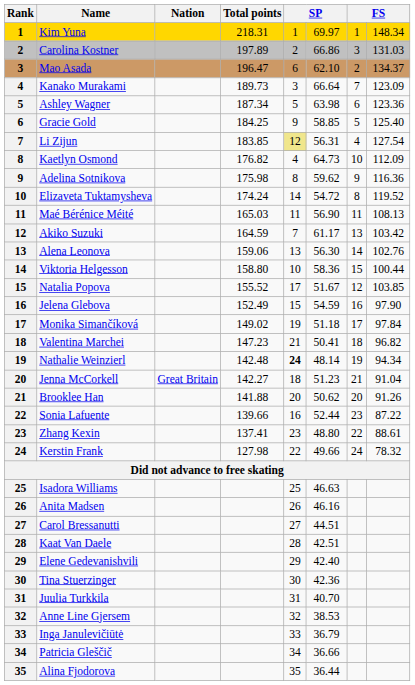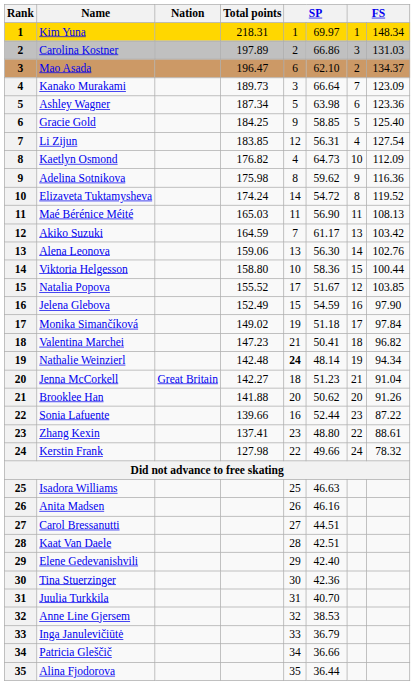 <table class="wikitable sortable">
 <tr>
 <th>Rank</th>
 <th>Name</th>
 <th>Nation</th>
 <th>Total points</th>
 <th colspan="2" width="80px"><a href='#'>SP</a></th>
 <th colspan="2" width="80px" align="center"><a href='#'>FS</a></th>
 </tr>
 <tr bgcolor="gold">
 <td align="center"><strong>1</strong></td>
 <td><a href='#'>Kim Yuna</a></td>
 <td></td>
 <td align="center">218.31</td>
 <td align="center">1</td>
 <td align="center">69.97</td>
 <td align="center">1</td>
 <td align="center">148.34</td>
 </tr>
 <tr bgcolor="silver">
 <td align="center"><strong>2</strong></td>
 <td><a href='#'>Carolina Kostner</a></td>
 <td></td>
 <td align="center">197.89</td>
 <td align="center">2</td>
 <td align="center">66.86</td>
 <td align="center">3</td>
 <td align="center">131.03</td>
 </tr>
 <tr bgcolor="cc9966">
 <td align="center"><strong>3</strong></td>
 <td><a href='#'>Mao Asada</a></td>
 <td></td>
 <td align="center">196.47</td>
 <td align="center">6</td>
 <td align="center">62.10</td>
 <td align="center">2</td>
 <td align="center">134.37</td>
 </tr>
 <tr>
 <th>4</th>
 <td><a href='#'>Kanako Murakami</a></td>
 <td></td>
 <td align="center">189.73</td>
 <td align="center">3</td>
 <td align="center">66.64</td>
 <td align="center">7</td>
 <td align="center">123.09</td>
 </tr>
 <tr>
 <th>5</th>
 <td><a href='#'>Ashley Wagner</a></td>
 <td></td>
 <td align="center">187.34</td>
 <td align="center">5</td>
 <td align="center">63.98</td>
 <td align="center">6</td>
 <td align="center">123.36</td>
 </tr>
 <tr>
 <th>6</th>
 <td><a href='#'>Gracie Gold</a></td>
 <td></td>
 <td align="center">184.25</td>
 <td align="center">9</td>
 <td align="center">58.85</td>
 <td align="center">5</td>
 <td align="center">125.40</td>
 </tr>
 <tr>
 <th>7</th>
 <td><a href='#'>Li Zijun</a></td>
 <td></td>
 <td align="center">183.85</td>
-<td align="center" style="background: khaki;">12</td>
+<td align="center">12</td>
 <td align="center">56.31</td>
 <td align="center">4</td>
 <td align="center">127.54</td>
 </tr>
 <tr>
 <th>8</th>
 <td><a href='#'>Kaetlyn Osmond</a></td>
 <td></td>
 <td align="center">176.82</td>
 <td align="center">4</td>
 <td align="center">64.73</td>
 <td align="center">10</td>
 <td align="center">112.09</td>
 </tr>
 <tr>
 <th>9</th>
 <td><a href='#'>Adelina Sotnikova</a></td>
 <td></td>
 <td align="center">175.98</td>
 <td align="center">8</td>
 <td align="center">59.62</td>
 <td align="center">9</td>
 <td align="center">116.36</td>
 </tr>
 <tr>
 <th>10</th>
 <td><a href='#'>Elizaveta Tuktamysheva</a></td>
 <td></td>
 <td align="center">174.24</td>
 <td align="center">14</td>
 <td align="center">54.72</td>
 <td align="center">8</td>
 <td align="center">119.52</td>
 </tr>
 <tr>
 <th>11</th>
 <td><a href='#'>Maé Bérénice Méité</a></td>
 <td></td>
 <td align="center">165.03</td>
 <td align="center">11</td>
 <td align="center">56.90</td>
 <td align="center">11</td>
 <td align="center">108.13</td>
 </tr>
 <tr>
 <th>12</th>
 <td><a href='#'>Akiko Suzuki</a></td>
 <td></td>
 <td align="center">164.59</td>
 <td align="center">7</td>
 <td align="center">61.17</td>
 <td align="center">13</td>
 <td align="center">103.42</td>
 </tr>
 <tr>
 <th>13</th>
 <td><a href='#'>Alena Leonova</a></td>
 <td></td>
 <td align="center">159.06</td>
 <td align="center">13</td>
 <td align="center">56.30</td>
 <td align="center">14</td>
 <td align="center">102.76</td>
 </tr>
 <tr>
 <th>14</th>
 <td><a href='#'>Viktoria Helgesson</a></td>
 <td></td>
 <td align="center">158.80</td>
 <td align="center">10</td>
 <td align="center">58.36</td>
 <td align="center">15</td>
 <td align="center">100.44</td>
 </tr>
 <tr>
 <th>15</th>
 <td><a href='#'>Natalia Popova</a></td>
 <td></td>
 <td align="center">155.52</td>
 <td align="center">17</td>
 <td align="center">51.67</td>
 <td align="center">12</td>
 <td align="center">103.85</td>
 </tr>
 <tr>
 <th>16</th>
 <td><a href='#'>Jelena Glebova</a></td>
 <td></td>
 <td align="center">152.49</td>
 <td align="center">15</td>
 <td align="center">54.59</td>
 <td align="center">16</td>
 <td align="center">97.90</td>
 </tr>
 <tr>
 <th>17</th>
 <td><a href='#'>Monika Simančíková</a></td>
 <td></td>
 <td align="center">149.02</td>
 <td align="center">19</td>
 <td align="center">51.18</td>
 <td align="center">17</td>
 <td align="center">97.84</td>
 </tr>
 <tr>
 <th>18</th>
 <td><a href='#'>Valentina Marchei</a></td>
 <td></td>
 <td align="center">147.23</td>
 <td align="center">21</td>
 <td align="center">50.41</td>
 <td align="center">18</td>
 <td align="center">96.82</td>
 </tr>
 <tr>
 <th>19</th>
 <td><a href='#'>Nathalie Weinzierl</a></td>
 <td></td>
 <td align="center">142.48</td>
 <td align="center"><strong>24</strong></td>
 <td align="center">48.14</td>
 <td align="center">19</td>
 <td align="center">94.34</td>
 </tr>
 <tr>
 <th>20</th>
 <td><a href='#'>Jenna McCorkell</a></td>
 <td> <a href='#'>Great Britain</a></td>
 <td align="center">142.27</td>
 <td align="center">18</td>
 <td align="center">51.23</td>
 <td align="center">21</td>
 <td align="center">91.04</td>
 </tr>
 <tr>
 <th>21</th>
 <td><a href='#'>Brooklee Han</a></td>
 <td></td>
 <td align="center">141.88</td>
 <td align="center">20</td>
 <td align="center">50.62</td>
 <td align="center">20</td>
 <td align="center">91.26</td>
 </tr>
 <tr>
 <th>22</th>
 <td><a href='#'>Sonia Lafuente</a></td>
 <td></td>
 <td align="center">139.66</td>
 <td align="center">16</td>
 <td align="center">52.44</td>
 <td align="center">23</td>
 <td align="center">87.22</td>
 </tr>
 <tr>
 <th>23</th>
 <td><a href='#'>Zhang Kexin</a></td>
 <td></td>
 <td align="center">137.41</td>
 <td align="center">23</td>
 <td align="center">48.80</td>
 <td align="center">22</td>
 <td align="center">88.61</td>
 </tr>
 <tr>
 <th>24</th>
 <td><a href='#'>Kerstin Frank</a></td>
 <td></td>
 <td align="center">127.98</td>
 <td align="center">22</td>
 <td align="center">49.66</td>
 <td align="center">24</td>
 <td align="center">78.32</td>
 </tr>
 <tr>
 <th colspan="10">Did not advance to free skating</th>
 </tr>
 <tr>
 <th>25</th>
 <td><a href='#'>Isadora Williams</a></td>
 <td></td>
 <td align="center"></td>
 <td align="center">25</td>
 <td align="center">46.63</td>
 <td align="center"></td>
 <td align="center"></td>
 </tr>
 <tr>
 <th>26</th>
 <td><a href='#'>Anita Madsen</a></td>
 <td></td>
 <td align="center"></td>
 <td align="center">26</td>
 <td align="center">46.16</td>
 <td align="center"></td>
 <td align="center"></td>
 </tr>
 <tr>
 <th>27</th>
 <td><a href='#'>Carol Bressanutti</a></td>
 <td></td>
 <td align="center"></td>
 <td align="center">27</td>
 <td align="center">44.51</td>
 <td align="center"></td>
 <td align="center"></td>
 </tr>
 <tr>
 <th>28</th>
 <td><a href='#'>Kaat Van Daele</a></td>
 <td></td>
 <td align="center"></td>
 <td align="center">28</td>
 <td align="center">42.51</td>
 <td align="center"></td>
 <td align="center"></td>
 </tr>
 <tr>
 <th>29</th>
 <td><a href='#'>Elene Gedevanishvili</a></td>
 <td></td>
 <td align="center"></td>
 <td align="center">29</td>
 <td align="center">42.40</td>
 <td align="center"></td>
 <td align="center"></td>
 </tr>
 <tr>
 <th>30</th>
 <td><a href='#'>Tina Stuerzinger</a></td>
 <td></td>
 <td align="center"></td>
 <td align="center">30</td>
 <td align="center">42.36</td>
 <td align="center"></td>
 <td align="center"></td>
 </tr>
 <tr>
 <th>31</th>
 <td><a href='#'>Juulia Turkkila</a></td>
 <td></td>
 <td align="center"></td>
 <td align="center">31</td>
 <td align="center">40.70</td>
 <td align="center"></td>
 <td align="center"></td>
 </tr>
 <tr>
 <th>32</th>
 <td><a href='#'>Anne Line Gjersem</a></td>
 <td></td>
 <td align="center"></td>
 <td align="center">32</td>
 <td align="center">38.53</td>
 <td align="center"></td>
 <td align="center"></td>
 </tr>
 <tr>
 <th>33</th>
 <td><a href='#'>Inga Janulevičiūtė</a></td>
 <td></td>
 <td align="center"></td>
 <td align="center">33</td>
 <td align="center">36.79</td>
 <td align="center"></td>
 <td align="center"></td>
 </tr>
 <tr>
 <th>34</th>
 <td><a href='#'>Patricia Gleščič</a></td>
 <td></td>
 <td align="center"></td>
 <td align="center">34</td>
 <td align="center">36.66</td>
 <td align="center"></td>
 <td align="center"></td>
 </tr>
 <tr>
 <th>35</th>
 <td><a href='#'>Alina Fjodorova</a></td>
 <td></td>
 <td align="center"></td>
 <td align="center">35</td>
 <td align="center">36.44</td>
 <td align="center"></td>
 <td align="center"></td>
 </tr>
 </table>
